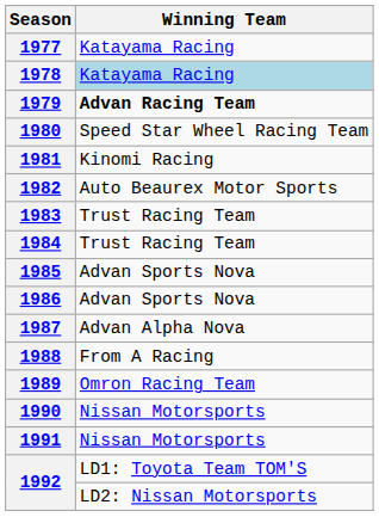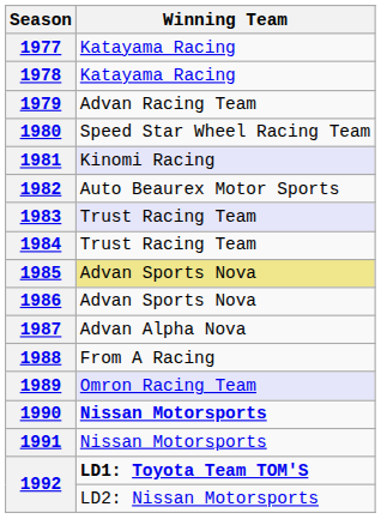 <table class="wikitable">
 <tr>
 <th>Season</th>
 <th>Winning Team</th>
 </tr>
 <tr>
 <th><a href='#'>1977</a></th>
 <td> <a href='#'>Katayama Racing</a></td>
 </tr>
 <tr>
 <th><a href='#'>1978</a></th>
-<td style="background: lightblue;"> <a href='#'>Katayama Racing</a></td>
+<td> <a href='#'>Katayama Racing</a></td>
 </tr>
 <tr>
 <th><a href='#'>1979</a></th>
-<td><strong> Advan Racing Team</strong></td>
+<td> Advan Racing Team</td>
 </tr>
 <tr>
 <th><a href='#'>1980</a></th>
 <td> Speed Star Wheel Racing Team</td>
 </tr>
 <tr>
 <th><a href='#'>1981</a></th>
-<td> Kinomi Racing</td>
+<td style="background: lavender;"> Kinomi Racing</td>
 </tr>
 <tr>
 <th><a href='#'>1982</a></th>
 <td> Auto Beaurex Motor Sports</td>
 </tr>
 <tr>
 <th><a href='#'>1983</a></th>
-<td> Trust Racing Team</td>
+<td style="background: lavender;"> Trust Racing Team</td>
 </tr>
 <tr>
 <th><a href='#'>1984</a></th>
 <td> Trust Racing Team</td>
 </tr>
 <tr>
 <th><a href='#'>1985</a></th>
-<td> Advan Sports Nova</td>
+<td style="background: khaki;"> Advan Sports Nova</td>
 </tr>
 <tr>
 <th><a href='#'>1986</a></th>
 <td> Advan Sports Nova</td>
 </tr>
 <tr>
 <th><a href='#'>1987</a></th>
 <td> Advan Alpha Nova</td>
 </tr>
 <tr>
 <th><a href='#'>1988</a></th>
 <td> From A Racing</td>
 </tr>
 <tr>
 <th><a href='#'>1989</a></th>
-<td> <a href='#'>Omron Racing Team</a></td>
+<td style="background: lavender;"> <a href='#'>Omron Racing Team</a></td>
 </tr>
 <tr>
 <th><a href='#'>1990</a></th>
-<td> <a href='#'>Nissan Motorsports</a></td>
+<td><strong> <a href='#'>Nissan Motorsports</a></strong></td>
 </tr>
 <tr>
 <th><a href='#'>1991</a></th>
 <td> <a href='#'>Nissan Motorsports</a></td>
 </tr>
 <tr>
 <th rowspan=2><a href='#'>1992</a></th>
-<td>LD1:  <a href='#'>Toyota Team TOM'S</a></td>
+<td><strong>LD1:  <a href='#'>Toyota Team TOM'S</a></strong></td>
 </tr>
 <tr>
 <td>LD2:  <a href='#'>Nissan Motorsports</a></td>
 </tr>
 </table>
